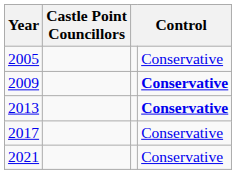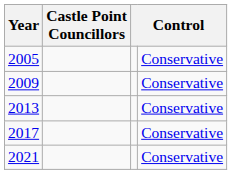 <table class="wikitable">
 <tr>
 <th>Year</th>
 <th>Castle Point<br>Councillors</th>
 <th colspan="2">Control</th>
 </tr>
 <tr>
 <td><a href='#'>2005</a></td>
 <td></td>
 <td></td>
 <td><a href='#'>Conservative</a></td>
 </tr>
 <tr>
 <td><a href='#'>2009</a></td>
 <td></td>
 <td></td>
-<td><strong><a href='#'>Conservative</a></strong></td>
+<td><a href='#'>Conservative</a></td>
 </tr>
 <tr>
 <td><a href='#'>2013</a></td>
 <td></td>
 <td></td>
-<td><strong><a href='#'>Conservative</a></strong></td>
+<td><a href='#'>Conservative</a></td>
 </tr>
 <tr>
 <td><a href='#'>2017</a></td>
 <td></td>
 <td></td>
 <td><a href='#'>Conservative</a></td>
 </tr>
 <tr>
 <td><a href='#'>2021</a></td>
 <td></td>
 <td></td>
 <td><a href='#'>Conservative</a></td>
 </tr>
 </table>
